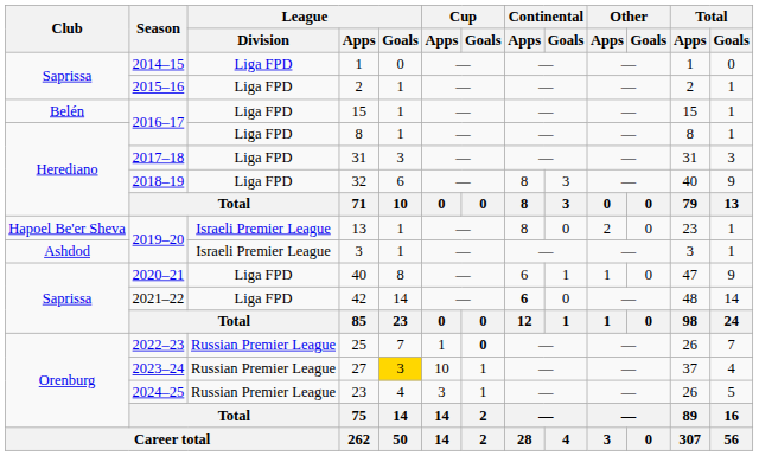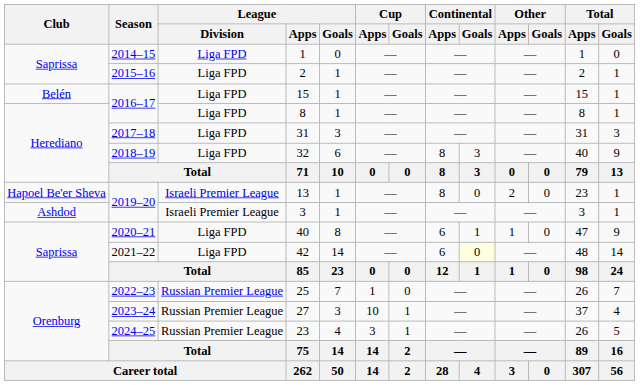 <table class="wikitable" style="text-align: center;">
 <tr>
 <th rowspan="2">Club</th>
 <th rowspan="2">Season</th>
 <th colspan="3">League</th>
 <th colspan="2">Cup</th>
 <th colspan="2">Continental</th>
 <th colspan="2">Other</th>
 <th colspan="2">Total</th>
 </tr>
 <tr>
 <th>Division</th>
 <th>Apps</th>
 <th>Goals</th>
 <th>Apps</th>
 <th>Goals</th>
 <th>Apps</th>
 <th>Goals</th>
 <th>Apps</th>
 <th>Goals</th>
 <th>Apps</th>
 <th>Goals</th>
 </tr>
 <tr>
 <td rowspan="2"><a href='#'>Saprissa</a></td>
 <td><a href='#'>2014–15</a></td>
 <td><a href='#'>Liga FPD</a></td>
 <td>1</td>
 <td>0</td>
 <td colspan="2">—</td>
 <td colspan="2">—</td>
 <td colspan="2">—</td>
 <td>1</td>
 <td>0</td>
 </tr>
 <tr>
 <td><a href='#'>2015–16</a></td>
 <td>Liga FPD</td>
 <td>2</td>
 <td>1</td>
 <td colspan="2">—</td>
 <td colspan="2">—</td>
 <td colspan="2">—</td>
 <td>2</td>
 <td>1</td>
 </tr>
 <tr>
 <td><a href='#'>Belén</a></td>
 <td rowspan="2"><a href='#'>2016–17</a></td>
 <td>Liga FPD</td>
 <td>15</td>
 <td>1</td>
 <td colspan="2">—</td>
 <td colspan="2">—</td>
 <td colspan="2">—</td>
 <td>15</td>
 <td>1</td>
 </tr>
 <tr>
 <td rowspan="4"><a href='#'>Herediano</a></td>
 <td>Liga FPD</td>
 <td>8</td>
 <td>1</td>
 <td colspan="2">—</td>
 <td colspan="2">—</td>
 <td colspan="2">—</td>
 <td>8</td>
 <td>1</td>
 </tr>
 <tr>
 <td><a href='#'>2017–18</a></td>
 <td>Liga FPD</td>
 <td>31</td>
 <td>3</td>
 <td colspan="2">—</td>
 <td colspan="2">—</td>
 <td colspan="2">—</td>
 <td>31</td>
 <td>3</td>
 </tr>
 <tr>
 <td><a href='#'>2018–19</a></td>
 <td>Liga FPD</td>
 <td>32</td>
 <td>6</td>
 <td colspan="2">—</td>
 <td>8</td>
 <td>3</td>
 <td colspan="2">—</td>
 <td>40</td>
 <td>9</td>
 </tr>
 <tr>
 <th colspan=2>Total</th>
 <th>71</th>
 <th>10</th>
 <th>0</th>
 <th>0</th>
 <th>8</th>
 <th>3</th>
 <th>0</th>
 <th>0</th>
 <th>79</th>
 <th>13</th>
 </tr>
 <tr>
 <td><a href='#'>Hapoel Be'er Sheva</a></td>
 <td rowspan="2"><a href='#'>2019–20</a></td>
 <td><a href='#'>Israeli Premier League</a></td>
 <td>13</td>
 <td>1</td>
 <td colspan="2">—</td>
 <td>8</td>
 <td>0</td>
 <td>2</td>
 <td>0</td>
 <td>23</td>
 <td>1</td>
 </tr>
 <tr>
 <td><a href='#'>Ashdod</a></td>
 <td>Israeli Premier League</td>
 <td>3</td>
 <td>1</td>
 <td colspan="2">—</td>
 <td colspan="2">—</td>
 <td colspan="2">—</td>
 <td>3</td>
 <td>1</td>
 </tr>
 <tr>
 <td rowspan="3"><a href='#'>Saprissa</a></td>
 <td><a href='#'>2020–21</a></td>
 <td>Liga FPD</td>
 <td>40</td>
 <td>8</td>
 <td colspan="2">—</td>
 <td>6</td>
 <td>1</td>
 <td>1</td>
 <td>0</td>
 <td>47</td>
 <td>9</td>
 </tr>
 <tr>
 <td>2021–22</td>
 <td>Liga FPD</td>
 <td>42</td>
 <td>14</td>
 <td colspan="2">—</td>
-<td><strong>6</strong></td>
-<td>0</td>
+<td>6</td>
+<td style="background: lightyellow;">0</td>
 <td colspan="2">—</td>
 <td>48</td>
 <td>14</td>
 </tr>
 <tr>
 <th colspan=2>Total</th>
 <th>85</th>
 <th>23</th>
 <th>0</th>
 <th>0</th>
 <th>12</th>
 <th>1</th>
 <th>1</th>
 <th>0</th>
 <th>98</th>
 <th>24</th>
 </tr>
 <tr>
 <td rowspan="4"><a href='#'>Orenburg</a></td>
 <td><a href='#'>2022–23</a></td>
 <td><a href='#'>Russian Premier League</a></td>
 <td>25</td>
 <td>7</td>
 <td>1</td>
-<td><strong>0</strong></td>
+<td>0</td>
 <td colspan="2">—</td>
 <td colspan="2">—</td>
 <td>26</td>
 <td>7</td>
 </tr>
 <tr>
 <td><a href='#'>2023–24</a></td>
 <td>Russian Premier League</td>
 <td>27</td>
-<td style="background: gold;">3</td>
+<td>3</td>
 <td>10</td>
 <td>1</td>
 <td colspan="2">—</td>
 <td colspan="2">—</td>
 <td>37</td>
 <td>4</td>
 </tr>
 <tr>
 <td><a href='#'>2024–25</a></td>
 <td>Russian Premier League</td>
 <td>23</td>
 <td>4</td>
 <td>3</td>
 <td>1</td>
 <td colspan="2">—</td>
 <td colspan="2">—</td>
 <td>26</td>
 <td>5</td>
 </tr>
 <tr>
 <th colspan="2">Total</th>
 <th>75</th>
 <th>14</th>
 <th>14</th>
 <th>2</th>
 <th colspan="2">—</th>
 <th colspan="2">—</th>
 <th>89</th>
 <th>16</th>
 </tr>
 <tr>
 <th colspan="3">Career total</th>
 <th>262</th>
 <th>50</th>
 <th>14</th>
 <th>2</th>
 <th>28</th>
 <th>4</th>
 <th>3</th>
 <th>0</th>
 <th>307</th>
 <th>56</th>
 </tr>
 </table>
